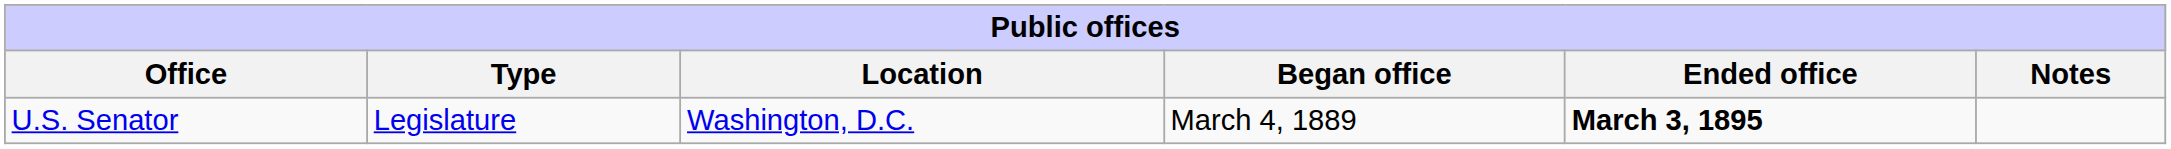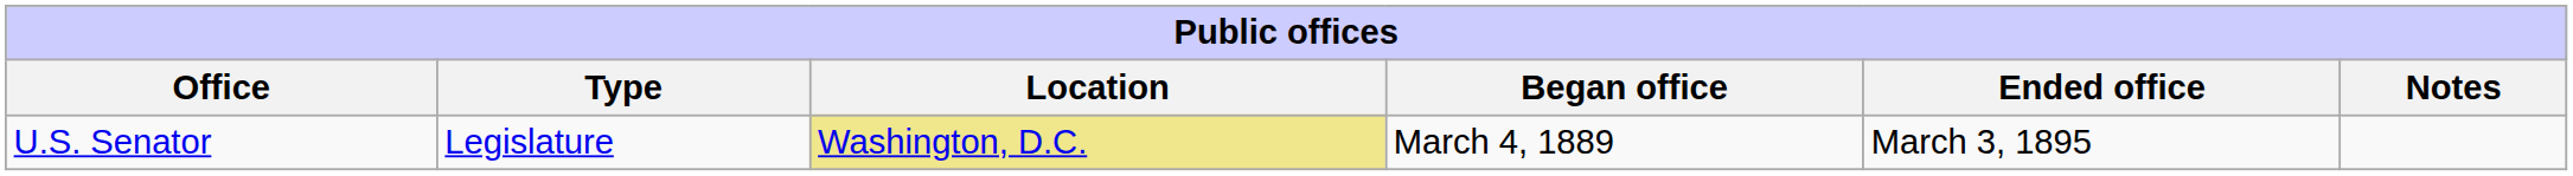 <table class=wikitable style="width: 94%" style="text-align: center;" align="center">
 <tr bgcolor=#cccccc>
 <th colspan=8 style="background: #ccccff;">Public offices</th>
 </tr>
 <tr>
 <th><strong>Office</strong></th>
 <th><strong>Type</strong></th>
 <th><strong>Location</strong></th>
 <th><strong>Began office</strong></th>
 <th><strong>Ended office</strong></th>
 <th><strong>Notes</strong></th>
 </tr>
 <tr>
 <td><a href='#'>U.S. Senator</a></td>
 <td><a href='#'>Legislature</a></td>
-<td><a href='#'>Washington, D.C.</a></td>
+<td style="background: khaki;"><a href='#'>Washington, D.C.</a></td>
 <td>March 4, 1889</td>
-<td><strong>March 3, 1895</strong></td>
+<td>March 3, 1895</td>
 <td></td>
 </tr>
 </table>
